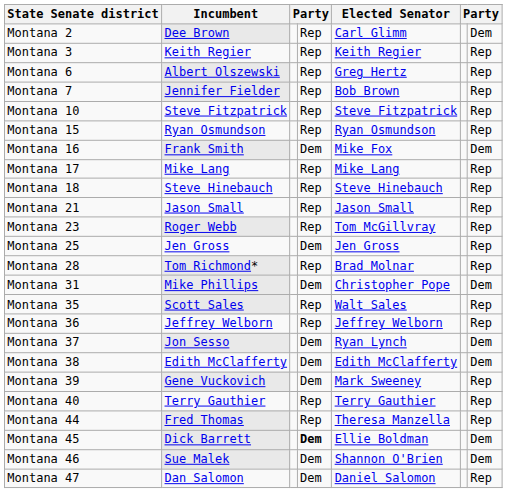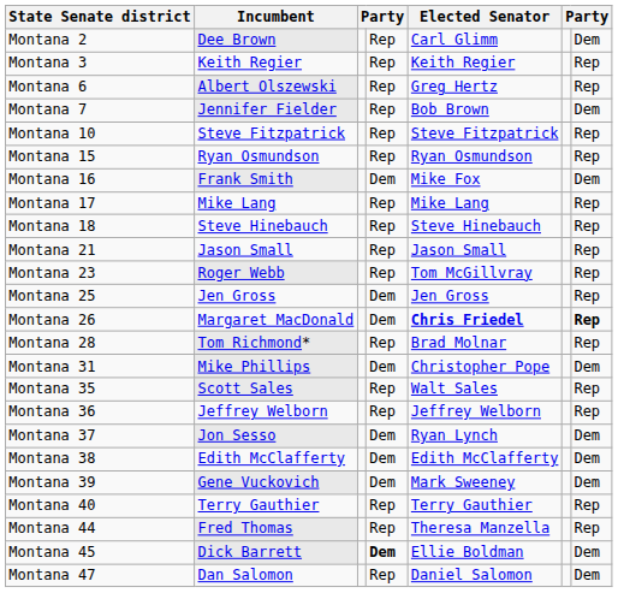 <table class="sortable wikitable" style="font-size:95%;line-height:14px;">
 <tr>
 <th colspan="1">State Senate district</th>
 <th class="unsortable">Incumbent</th>
 <th colspan="2">Party</th>
 <th class="unsortable">Elected Senator</th>
 <th colspan="2">Party</th>
 </tr>
 <tr>
 <td>Montana 2</td>
 <td style="background:#E9E9E9;"><a href='#'>Dee Brown</a></td>
 <td style="background:"></td>
 <td>Rep</td>
 <td><a href='#'>Carl Glimm</a></td>
 <td style="background:"></td>
 <td>Dem</td>
 </tr>
 <tr>
 <td>Montana 3</td>
 <td><a href='#'>Keith Regier</a></td>
 <td style="background:"></td>
 <td>Rep</td>
 <td><a href='#'>Keith Regier</a></td>
 <td style="background:"></td>
 <td>Rep</td>
 </tr>
 <tr>
 <td>Montana 6</td>
 <td style="background:#E9E9E9;"><a href='#'>Albert Olszewski</a></td>
 <td style="background:"></td>
 <td>Rep</td>
 <td><a href='#'>Greg Hertz</a></td>
 <td style="background:"></td>
 <td>Rep</td>
 </tr>
 <tr>
 <td>Montana 7</td>
 <td style="background:#E9E9E9;"><a href='#'>Jennifer Fielder</a></td>
 <td style="background:"></td>
 <td>Rep</td>
 <td><a href='#'>Bob Brown</a></td>
 <td style="background:"></td>
-<td>Rep</td>
+<td>Dem</td>
 </tr>
 <tr>
 <td>Montana 10</td>
 <td><a href='#'>Steve Fitzpatrick</a></td>
 <td style="background:"></td>
 <td>Rep</td>
 <td><a href='#'>Steve Fitzpatrick</a></td>
 <td style="background:"></td>
 <td>Rep</td>
 </tr>
 <tr>
 <td>Montana 15</td>
 <td><a href='#'>Ryan Osmundson</a></td>
 <td style="background:"></td>
 <td>Rep</td>
 <td><a href='#'>Ryan Osmundson</a></td>
 <td style="background:"></td>
 <td>Rep</td>
 </tr>
 <tr>
 <td>Montana 16</td>
 <td style="background:#E9E9E9;"><a href='#'>Frank Smith</a></td>
 <td style="background:"></td>
 <td>Dem</td>
 <td><a href='#'>Mike Fox</a></td>
 <td style="background:"></td>
 <td>Dem</td>
 </tr>
 <tr>
 <td>Montana 17</td>
 <td><a href='#'>Mike Lang</a></td>
 <td style="background:"></td>
 <td>Rep</td>
 <td><a href='#'>Mike Lang</a></td>
 <td style="background:"></td>
 <td>Rep</td>
 </tr>
 <tr>
 <td>Montana 18</td>
 <td><a href='#'>Steve Hinebauch</a></td>
 <td style="background:"></td>
 <td>Rep</td>
 <td><a href='#'>Steve Hinebauch</a></td>
 <td style="background:"></td>
 <td>Rep</td>
 </tr>
 <tr>
 <td>Montana 21</td>
 <td><a href='#'>Jason Small</a></td>
 <td style="background:"></td>
 <td>Rep</td>
 <td><a href='#'>Jason Small</a></td>
 <td style="background:"></td>
 <td>Rep</td>
 </tr>
 <tr>
 <td>Montana 23</td>
 <td style="background:#E9E9E9;"><a href='#'>Roger Webb</a></td>
 <td style="background:"></td>
 <td>Rep</td>
 <td><a href='#'>Tom McGillvray</a></td>
 <td style="background:"></td>
 <td>Rep</td>
 </tr>
 <tr>
 <td>Montana 25</td>
 <td><a href='#'>Jen Gross</a></td>
 <td style="background:"></td>
 <td>Dem</td>
 <td><a href='#'>Jen Gross</a></td>
 <td style="background:"></td>
 <td>Rep</td>
 </tr>
 <tr>
+<td>Montana 26</td>
+<td><a href='#'>Margaret MacDonald</a></td>
+<td style="background:"></td>
+<td>Dem</td>
+<td><strong><a href='#'>Chris Friedel</a></strong></td>
+<td style="background:"></td>
+<td><strong>Rep</strong></td>
+</tr>
+<tr>
 <td>Montana 28</td>
 <td style="background:#E9E9E9;"><a href='#'>Tom Richmond</a>*</td>
 <td style="background:"></td>
 <td>Rep</td>
 <td><a href='#'>Brad Molnar</a></td>
 <td style="background:"></td>
 <td>Rep</td>
 </tr>
 <tr>
 <td>Montana 31</td>
 <td style="background:#E9E9E9;"><a href='#'>Mike Phillips</a></td>
 <td style="background:"></td>
 <td>Dem</td>
 <td><a href='#'>Christopher Pope</a></td>
 <td style="background:"></td>
 <td>Dem</td>
 </tr>
 <tr>
 <td>Montana 35</td>
 <td style="background:#E9E9E9;"><a href='#'>Scott Sales</a></td>
 <td style="background:"></td>
 <td>Rep</td>
 <td><a href='#'>Walt Sales</a></td>
 <td style="background:"></td>
 <td>Rep</td>
 </tr>
 <tr>
 <td>Montana 36</td>
 <td><a href='#'>Jeffrey Welborn</a></td>
 <td style="background:"></td>
 <td>Rep</td>
 <td><a href='#'>Jeffrey Welborn</a></td>
 <td style="background:"></td>
 <td>Rep</td>
 </tr>
 <tr>
 <td>Montana 37</td>
 <td style="background:#E9E9E9;"><a href='#'>Jon Sesso</a></td>
 <td style="background:"></td>
 <td>Dem</td>
 <td><a href='#'>Ryan Lynch</a></td>
 <td style="background:"></td>
 <td>Dem</td>
 </tr>
 <tr>
 <td>Montana 38</td>
 <td><a href='#'>Edith McClafferty</a></td>
 <td style="background:"></td>
 <td>Dem</td>
 <td><a href='#'>Edith McClafferty</a></td>
 <td style="background:"></td>
 <td>Dem</td>
 </tr>
 <tr>
 <td>Montana 39</td>
 <td style="background:#E9E9E9;"><a href='#'>Gene Vuckovich</a></td>
 <td style="background:"></td>
 <td>Dem</td>
 <td><a href='#'>Mark Sweeney</a></td>
 <td style="background:"></td>
-<td>Rep</td>
+<td>Dem</td>
 </tr>
 <tr>
 <td>Montana 40</td>
 <td><a href='#'>Terry Gauthier</a></td>
 <td style="background:"></td>
 <td>Rep</td>
 <td><a href='#'>Terry Gauthier</a></td>
 <td style="background:"></td>
 <td>Rep</td>
 </tr>
 <tr>
 <td>Montana 44</td>
 <td style="background:#E9E9E9;"><a href='#'>Fred Thomas</a></td>
 <td style="background:"></td>
 <td>Rep</td>
 <td><a href='#'>Theresa Manzella</a></td>
 <td style="background:"></td>
 <td>Rep</td>
 </tr>
 <tr>
 <td>Montana 45</td>
 <td style="background:#E9E9E9;"><a href='#'>Dick Barrett</a></td>
 <td style="background:"></td>
 <td><strong>Dem</strong></td>
 <td><a href='#'>Ellie Boldman</a></td>
 <td style="background:"></td>
 <td>Dem</td>
 </tr>
 <tr>
-<td>Montana 46</td>
-<td style="background:#E9E9E9;"><a href='#'>Sue Malek</a></td>
+<td>Montana 47</td>
+<td><a href='#'>Dan Salomon</a></td>
 <td style="background:"></td>
-<td>Dem</td>
-<td><a href='#'>Shannon O'Brien</a></td>
+<td>Rep</td>
+<td><a href='#'>Daniel Salomon</a></td>
 <td style="background:"></td>
 <td>Dem</td>
 </tr>
-<tr>
-<td>Montana 47</td>
-<td><a href='#'>Dan Salomon</a></td>
-<td style="background:"></td>
-<td>Dem</td>
-<td><a href='#'>Daniel Salomon</a></td>
-<td style="background:"></td>
-<td>Rep</td>
-</tr>
 </table>
